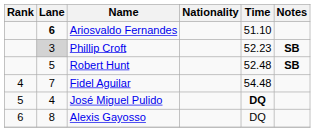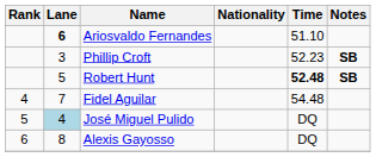 <table class="wikitable sortable" style="text-align:center">
 <tr>
 <th>Rank</th>
 <th>Lane</th>
 <th>Name</th>
 <th>Nationality</th>
 <th>Time</th>
 <th>Notes</th>
 </tr>
 <tr>
 <td></td>
 <td><strong>6</strong></td>
 <td align=left><a href='#'>Ariosvaldo Fernandes</a></td>
 <td align=left></td>
 <td>51.10</td>
 <td></td>
 </tr>
 <tr>
 <td></td>
-<td style="background: lightgrey;">3</td>
+<td>3</td>
 <td align=left><a href='#'>Phillip Croft</a></td>
 <td align=left></td>
 <td>52.23</td>
 <td><strong>SB</strong></td>
 </tr>
 <tr>
 <td></td>
 <td>5</td>
 <td align=left><a href='#'>Robert Hunt</a></td>
 <td align=left></td>
-<td>52.48</td>
+<td><strong>52.48</strong></td>
 <td><strong>SB</strong></td>
 </tr>
 <tr>
 <td>4</td>
 <td>7</td>
 <td align=left><a href='#'>Fidel Aguilar</a></td>
 <td align=left></td>
 <td>54.48</td>
 <td></td>
 </tr>
 <tr>
 <td>5</td>
-<td>4</td>
+<td style="background: lightblue;">4</td>
 <td align=left><a href='#'>José Miguel Pulido</a></td>
 <td align=left></td>
-<td><strong>DQ</strong></td>
+<td>DQ</td>
 <td></td>
 </tr>
 <tr>
 <td>6</td>
 <td>8</td>
 <td align=left><a href='#'>Alexis Gayosso</a></td>
 <td align=left></td>
 <td>DQ</td>
 <td></td>
 </tr>
 <tr>
 </tr>
 </table>
